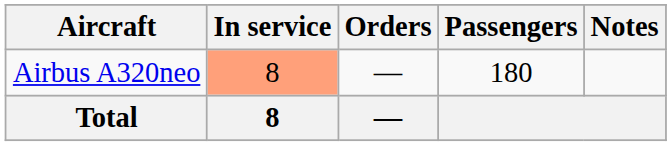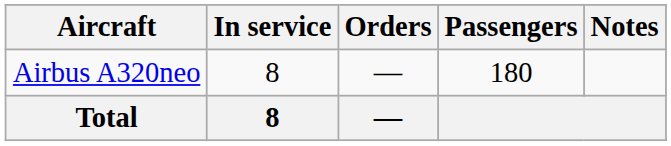 <table class="wikitable" style="border-collapse:collapse;text-align:center; margin-left: auto; margin-right: auto;">
 <tr>
 <th>Aircraft</th>
 <th>In service</th>
 <th>Orders</th>
 <th>Passengers</th>
 <th>Notes</th>
 </tr>
 <tr>
 <td><a href='#'>Airbus A320neo</a></td>
-<td style="background: lightsalmon;">8</td>
+<td>8</td>
 <td>—</td>
 <td>180</td>
 <td></td>
 </tr>
 <tr>
 <th>Total</th>
 <th>8</th>
 <th>—</th>
 <th colspan="2"></th>
 </tr>
 </table>
